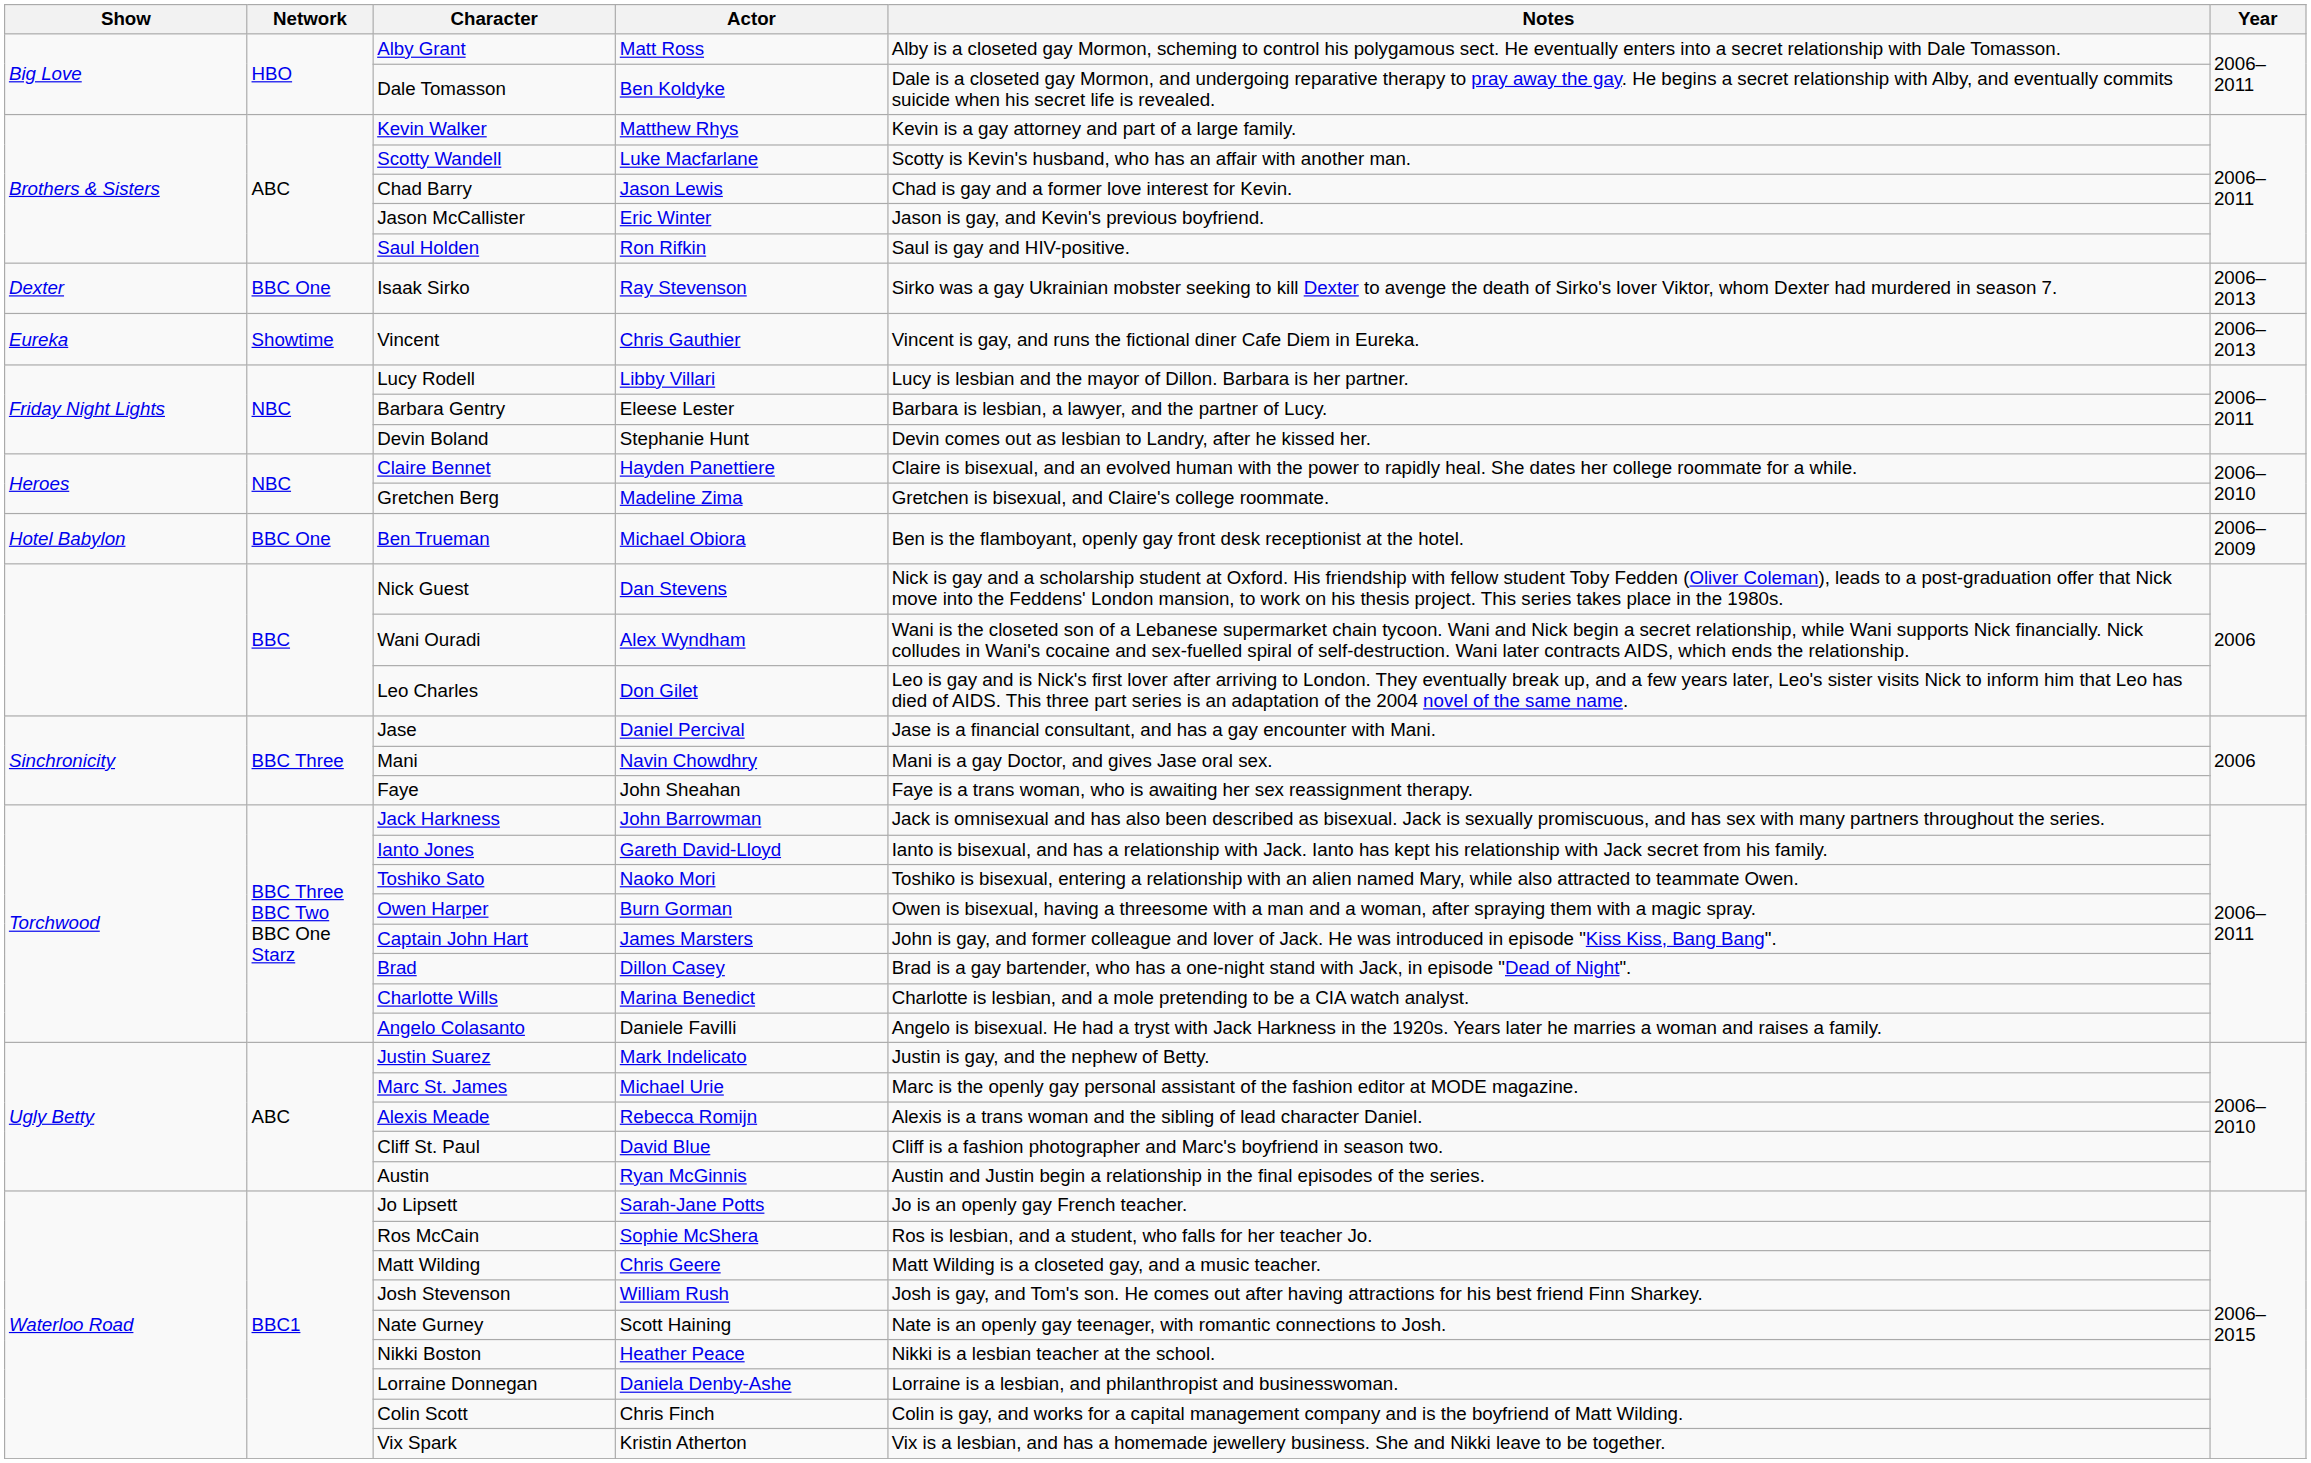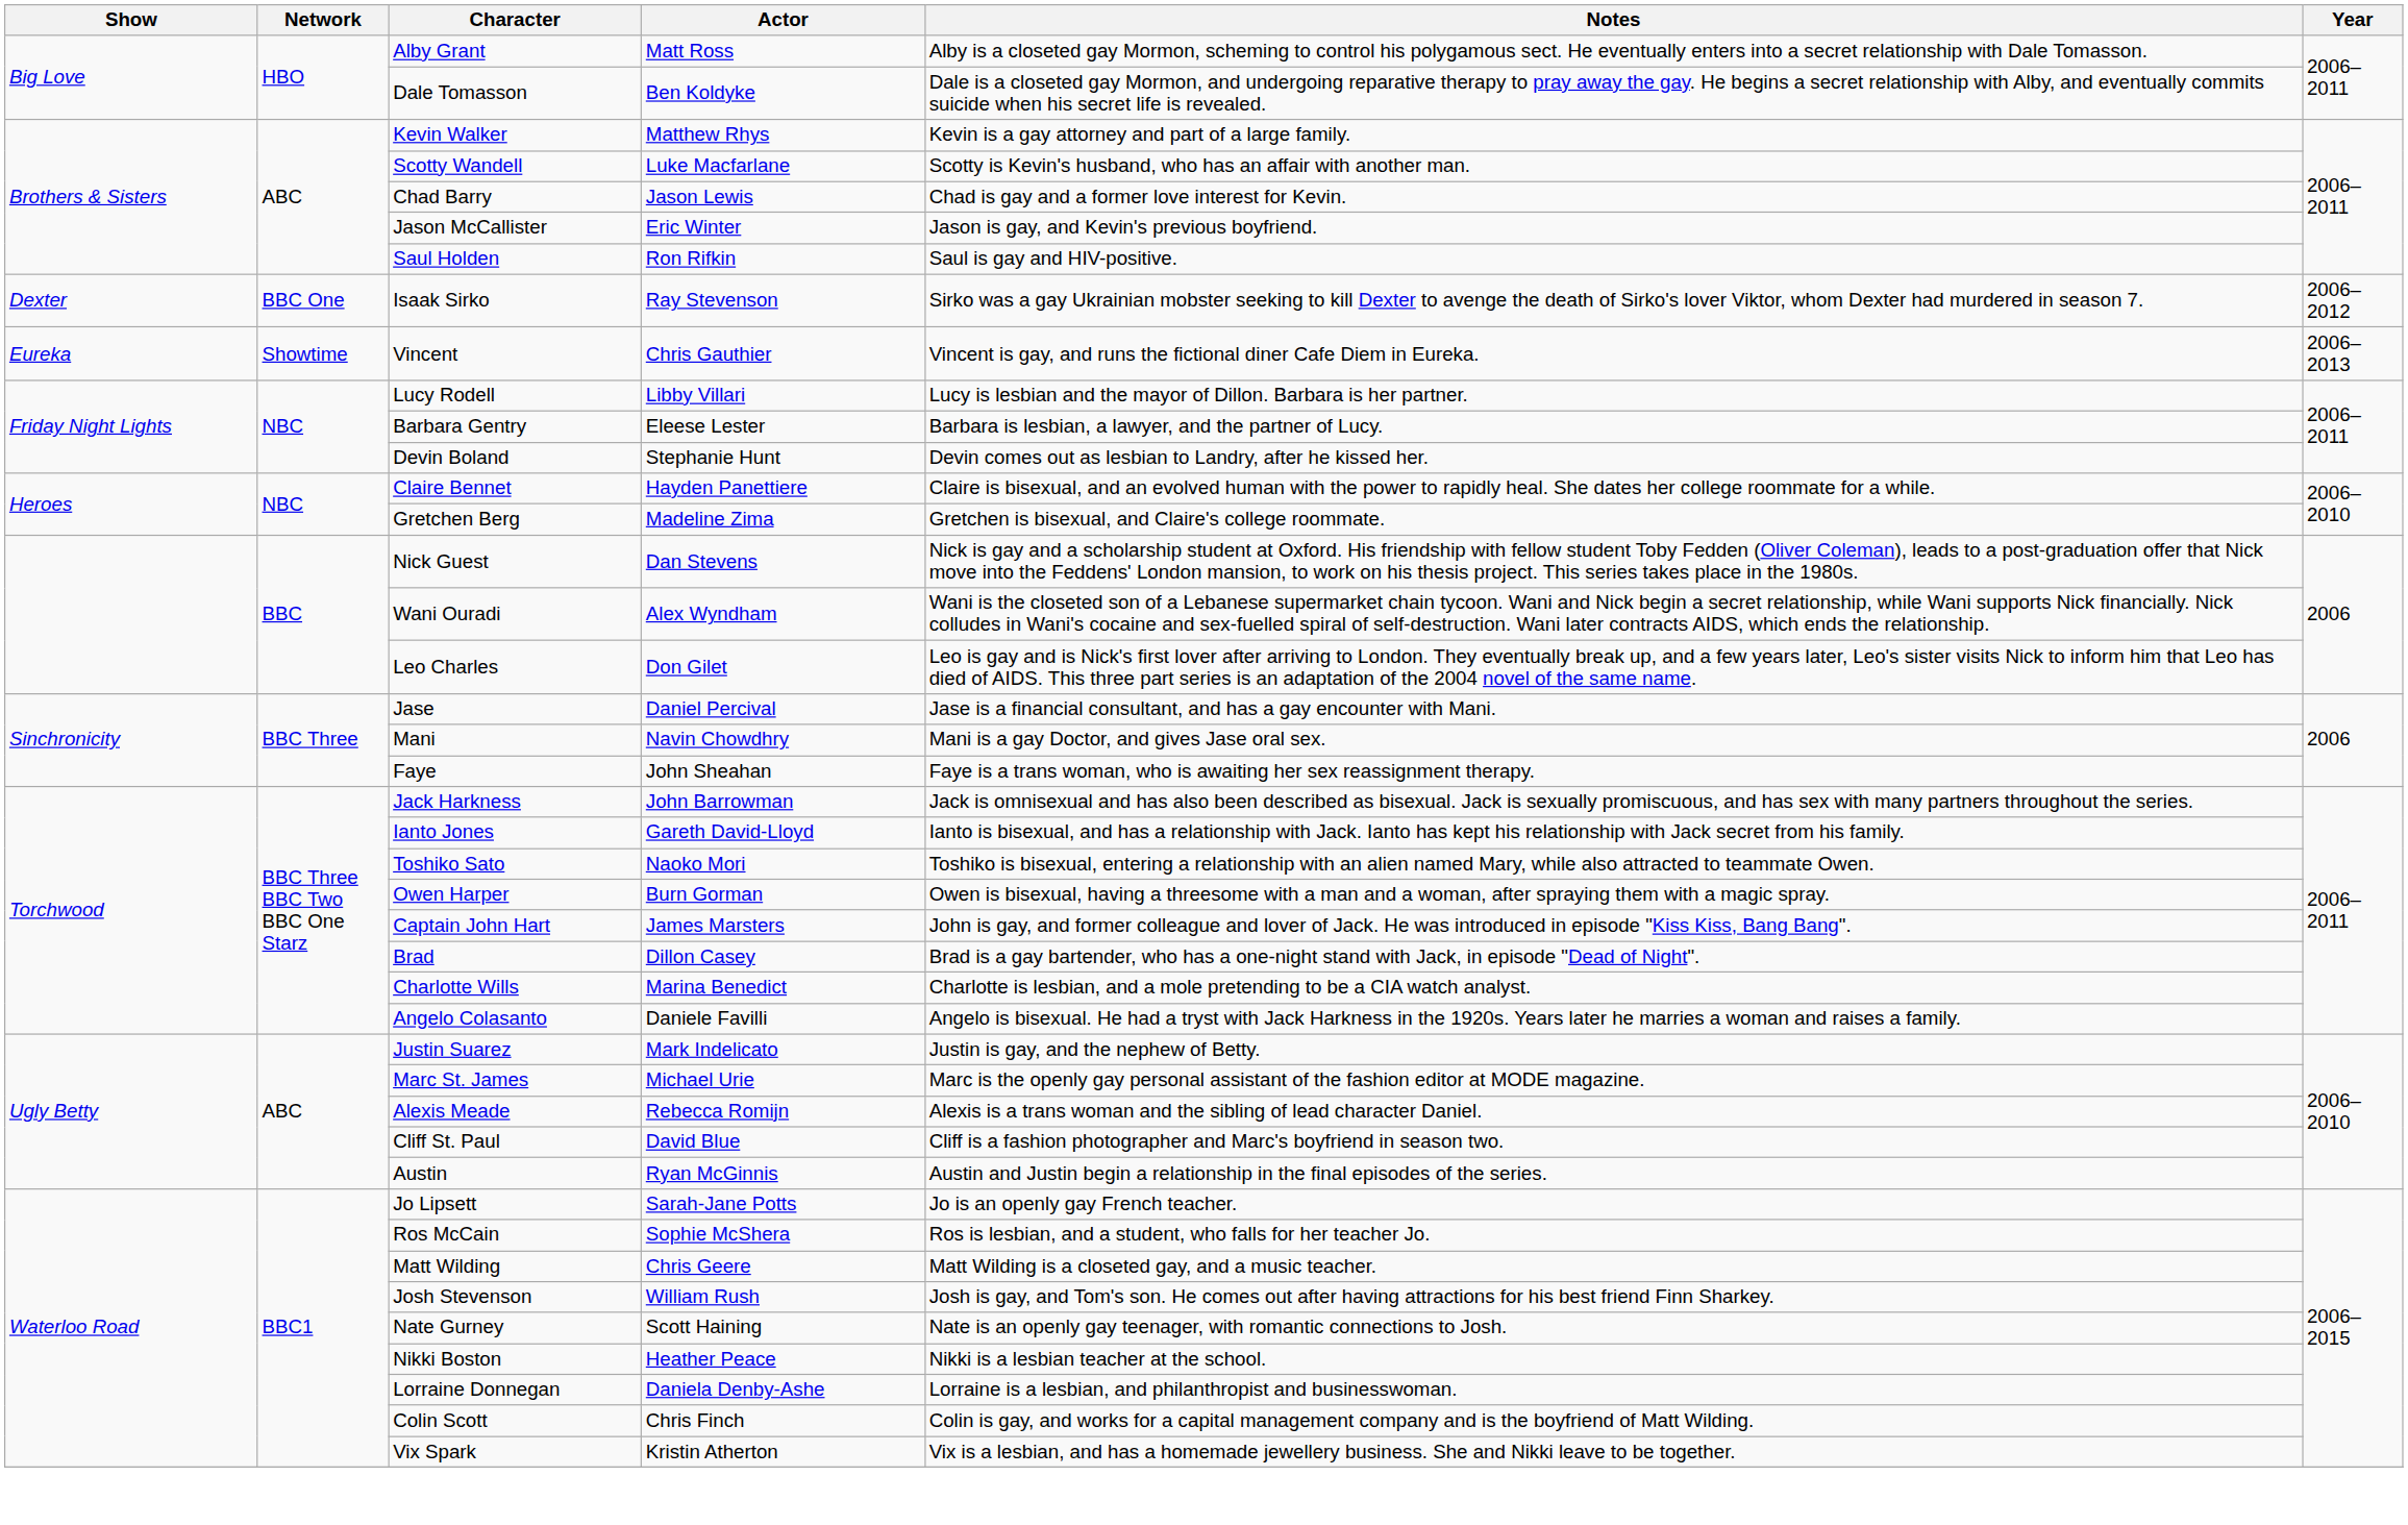 <table class="sortable wikitable" style="margins:auto; width=100%;">
 <tr>
 <th style="width:200px;">Show</th>
 <th style="width:100px;">Network</th>
 <th style="width:200px;">Character</th>
 <th style="width:225px;">Actor</th>
 <th>Notes</th>
 <th style="width:75px;">Year</th>
 </tr>
 <tr>
 <td rowspan="2"><em><a href='#'>Big Love</a></em></td>
 <td rowspan="2"><a href='#'>HBO</a></td>
 <td><a href='#'>Alby Grant</a></td>
 <td><a href='#'>Matt Ross</a></td>
 <td>Alby is a closeted gay Mormon, scheming to control his polygamous sect. He eventually enters into a secret relationship with Dale Tomasson.</td>
 <td rowspan="2">2006–2011</td>
 </tr>
 <tr>
 <td>Dale Tomasson</td>
 <td><a href='#'>Ben Koldyke</a></td>
 <td>Dale is a closeted gay Mormon, and undergoing reparative therapy to <a href='#'>pray away the gay</a>. He begins a secret relationship with Alby, and eventually commits suicide when his secret life is revealed.</td>
 </tr>
 <tr>
 <td rowspan="5"><em><a href='#'>Brothers & Sisters</a></em></td>
 <td rowspan="5">ABC</td>
 <td><a href='#'>Kevin Walker</a></td>
 <td><a href='#'>Matthew Rhys</a></td>
 <td>Kevin is a gay attorney and part of a large family.</td>
 <td rowspan="5">2006–2011</td>
 </tr>
 <tr>
 <td><a href='#'>Scotty Wandell</a></td>
 <td><a href='#'>Luke Macfarlane</a></td>
 <td>Scotty is Kevin's husband, who has an affair with another man.</td>
 </tr>
 <tr>
 <td>Chad Barry</td>
 <td><a href='#'>Jason Lewis</a></td>
 <td>Chad is gay and a former love interest for Kevin.</td>
 </tr>
 <tr>
 <td>Jason McCallister</td>
 <td><a href='#'>Eric Winter</a></td>
 <td>Jason is gay, and Kevin's previous boyfriend.</td>
 </tr>
 <tr>
 <td><a href='#'>Saul Holden</a></td>
 <td><a href='#'>Ron Rifkin</a></td>
 <td>Saul is gay and HIV-positive.</td>
 </tr>
 <tr>
 <td><em><a href='#'>Dexter</a></em></td>
 <td><a href='#'>BBC One</a></td>
 <td>Isaak Sirko</td>
 <td><a href='#'>Ray Stevenson</a></td>
 <td>Sirko was a gay Ukrainian mobster seeking to kill <a href='#'>Dexter</a> to avenge the death of Sirko's lover Viktor, whom Dexter had murdered in season 7.</td>
-<td>2006–2013</td>
+<td>2006–2012</td>
 </tr>
 <tr>
 <td><em><a href='#'>Eureka</a></em></td>
 <td><a href='#'>Showtime</a></td>
 <td>Vincent</td>
 <td><a href='#'>Chris Gauthier</a></td>
 <td>Vincent is gay, and runs the fictional diner Cafe Diem in Eureka.</td>
 <td>2006–2013</td>
 </tr>
 <tr>
 <td rowspan="3"><em><a href='#'>Friday Night Lights</a></em></td>
 <td rowspan="3"><a href='#'>NBC</a></td>
 <td>Lucy Rodell</td>
 <td><a href='#'>Libby Villari</a></td>
 <td>Lucy is lesbian and the mayor of Dillon. Barbara is her partner.</td>
 <td rowspan="3">2006–2011</td>
 </tr>
 <tr>
 <td>Barbara Gentry</td>
 <td>Eleese Lester</td>
 <td>Barbara is lesbian, a lawyer, and the partner of Lucy.</td>
 </tr>
 <tr>
 <td>Devin Boland</td>
 <td>Stephanie Hunt</td>
 <td>Devin comes out as lesbian to Landry, after he kissed her.</td>
 </tr>
 <tr>
 <td rowspan="2"><em><a href='#'>Heroes</a></em></td>
 <td rowspan="2"><a href='#'>NBC</a></td>
 <td><a href='#'>Claire Bennet</a></td>
 <td><a href='#'>Hayden Panettiere</a></td>
 <td>Claire is bisexual, and an evolved human with the power to rapidly heal. She dates her college roommate for a while.</td>
 <td rowspan="2">2006–2010</td>
 </tr>
 <tr>
 <td>Gretchen Berg</td>
 <td><a href='#'>Madeline Zima</a></td>
 <td>Gretchen is bisexual, and Claire's college roommate.</td>
-</tr>
-<tr>
-<td><em><a href='#'>Hotel Babylon</a></em></td>
-<td><a href='#'>BBC One</a></td>
-<td><a href='#'>Ben Trueman</a></td>
-<td><a href='#'>Michael Obiora</a></td>
-<td>Ben is the flamboyant, openly gay front desk receptionist at the hotel.</td>
-<td>2006–2009</td>
 </tr>
 <tr>
 <td rowspan="3"><em></em></td>
 <td rowspan="3"><a href='#'>BBC</a></td>
 <td>Nick Guest</td>
 <td><a href='#'>Dan Stevens</a></td>
 <td>Nick is gay and a scholarship student at Oxford. His friendship with fellow student Toby Fedden (<a href='#'>Oliver Coleman</a>), leads to a post-graduation offer that Nick move into the Feddens' London mansion, to work on his thesis project. This series takes place in the 1980s.</td>
 <td rowspan="3">2006</td>
 </tr>
 <tr>
 <td>Wani Ouradi</td>
 <td><a href='#'>Alex Wyndham</a></td>
 <td>Wani is the closeted son of a Lebanese supermarket chain tycoon. Wani and Nick begin a secret relationship, while Wani supports Nick financially. Nick colludes in Wani's cocaine and sex-fuelled spiral of self-destruction. Wani later contracts AIDS, which ends the relationship.</td>
 </tr>
 <tr>
 <td>Leo Charles</td>
 <td><a href='#'>Don Gilet</a></td>
 <td>Leo is gay and is Nick's first lover after arriving to London. They eventually break up, and a few years later, Leo's sister visits Nick to inform him that Leo has died of AIDS. This three part series is an adaptation of the 2004 <a href='#'>novel of the same name</a>.</td>
 </tr>
 <tr>
 <td rowspan="3"><em><a href='#'>Sinchronicity</a></em></td>
 <td rowspan="3"><a href='#'>BBC Three</a></td>
 <td>Jase</td>
 <td><a href='#'>Daniel Percival</a></td>
 <td>Jase is a financial consultant, and has a gay encounter with Mani.</td>
 <td rowspan="3">2006</td>
 </tr>
 <tr>
 <td>Mani</td>
 <td><a href='#'>Navin Chowdhry</a></td>
 <td>Mani is a gay Doctor, and gives Jase oral sex.</td>
 </tr>
 <tr>
 <td>Faye</td>
 <td>John Sheahan</td>
 <td>Faye is a trans woman, who is awaiting her sex reassignment therapy.</td>
 </tr>
 <tr>
 <td rowspan="8"><em><a href='#'>Torchwood</a></em></td>
 <td rowspan="8"><a href='#'>BBC Three</a> <br> <a href='#'>BBC Two</a> <br> BBC One <br> <a href='#'>Starz</a></td>
 <td><a href='#'>Jack Harkness</a></td>
 <td><a href='#'>John Barrowman</a></td>
 <td>Jack is omnisexual and has also been described as bisexual. Jack is sexually promiscuous, and has sex with many partners throughout the series.</td>
 <td rowspan="8">2006–2011</td>
 </tr>
 <tr>
 <td><a href='#'>Ianto Jones</a></td>
 <td><a href='#'>Gareth David-Lloyd</a></td>
 <td>Ianto is bisexual, and has a relationship with Jack. Ianto has kept his relationship with Jack secret from his family.</td>
 </tr>
 <tr>
 <td><a href='#'>Toshiko Sato</a></td>
 <td><a href='#'>Naoko Mori</a></td>
 <td>Toshiko is bisexual, entering a relationship with an alien named Mary, while also attracted to teammate Owen.</td>
 </tr>
 <tr>
 <td><a href='#'>Owen Harper</a></td>
 <td><a href='#'>Burn Gorman</a></td>
 <td>Owen is bisexual, having a threesome with a man and a woman, after spraying them with a magic spray.</td>
 </tr>
 <tr>
 <td><a href='#'>Captain John Hart</a></td>
 <td><a href='#'>James Marsters</a></td>
 <td>John is gay, and former colleague and lover of Jack. He was introduced in episode "<a href='#'>Kiss Kiss, Bang Bang</a>".</td>
 </tr>
 <tr>
 <td><a href='#'>Brad</a></td>
 <td><a href='#'>Dillon Casey</a></td>
 <td>Brad is a gay bartender, who has a one-night stand with Jack, in episode "<a href='#'>Dead of Night</a>".</td>
 </tr>
 <tr>
 <td><a href='#'>Charlotte Wills</a></td>
 <td><a href='#'>Marina Benedict</a></td>
 <td>Charlotte is lesbian, and a mole pretending to be a CIA watch analyst.</td>
 </tr>
 <tr>
 <td><a href='#'>Angelo Colasanto</a></td>
 <td>Daniele Favilli</td>
 <td>Angelo is bisexual. He had a tryst with Jack Harkness in the 1920s. Years later he marries a woman and raises a family.</td>
 </tr>
 <tr>
 <td rowspan="5"><em><a href='#'>Ugly Betty</a></em></td>
 <td rowspan="5">ABC</td>
 <td><a href='#'>Justin Suarez</a></td>
 <td><a href='#'>Mark Indelicato</a></td>
 <td>Justin is gay, and the nephew of Betty.</td>
 <td rowspan="5">2006–2010</td>
 </tr>
 <tr>
 <td><a href='#'>Marc St. James</a></td>
 <td><a href='#'>Michael Urie</a></td>
 <td>Marc is the openly gay personal assistant of the fashion editor at MODE magazine.</td>
 </tr>
 <tr>
 <td><a href='#'>Alexis Meade</a></td>
 <td><a href='#'>Rebecca Romijn</a></td>
 <td>Alexis is a trans woman and the sibling of lead character Daniel.</td>
 </tr>
 <tr>
 <td>Cliff St. Paul</td>
 <td><a href='#'>David Blue</a></td>
 <td>Cliff is a fashion photographer and Marc's boyfriend in season two.</td>
 </tr>
 <tr>
 <td>Austin</td>
 <td><a href='#'>Ryan McGinnis</a></td>
 <td>Austin and Justin begin a relationship in the final episodes of the series.</td>
 </tr>
 <tr>
 <td rowspan="9"><em><a href='#'>Waterloo Road</a></em></td>
 <td rowspan="9"><a href='#'>BBC1</a></td>
 <td>Jo Lipsett</td>
 <td><a href='#'>Sarah-Jane Potts</a></td>
 <td>Jo is an openly gay French teacher.</td>
 <td rowspan="9">2006–2015</td>
 </tr>
 <tr>
 <td>Ros McCain</td>
 <td><a href='#'>Sophie McShera</a></td>
 <td>Ros is lesbian, and a student, who falls for her teacher Jo.</td>
 </tr>
 <tr>
 <td>Matt Wilding</td>
 <td><a href='#'>Chris Geere</a></td>
 <td>Matt Wilding is a closeted gay, and a music teacher.</td>
 </tr>
 <tr>
 <td>Josh Stevenson</td>
 <td><a href='#'>William Rush</a></td>
 <td>Josh is gay, and Tom's son. He comes out after having attractions for his best friend Finn Sharkey.</td>
 </tr>
 <tr>
 <td>Nate Gurney</td>
 <td>Scott Haining</td>
 <td>Nate is an openly gay teenager, with romantic connections to Josh.</td>
 </tr>
 <tr>
 <td>Nikki Boston</td>
 <td><a href='#'>Heather Peace</a></td>
 <td>Nikki is a lesbian teacher at the school.</td>
 </tr>
 <tr>
 <td>Lorraine Donnegan</td>
 <td><a href='#'>Daniela Denby-Ashe</a></td>
 <td>Lorraine is a lesbian, and philanthropist and businesswoman.</td>
 </tr>
 <tr>
 <td>Colin Scott</td>
 <td>Chris Finch</td>
 <td>Colin is gay, and works for a capital management company and is the boyfriend of Matt Wilding.</td>
 </tr>
 <tr>
 <td>Vix Spark</td>
 <td>Kristin Atherton</td>
 <td>Vix is a lesbian, and has a homemade jewellery business. She and Nikki leave to be together.</td>
 </tr>
 <tr>
 </tr>
 </table>
